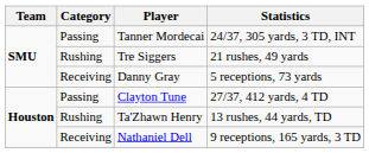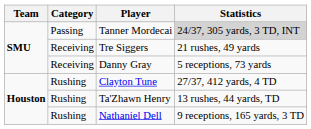 <table class="wikitable" style="float: left;">
 <tr>
 <th>Team</th>
 <th>Category</th>
 <th>Player</th>
 <th>Statistics</th>
 </tr>
 <tr>
 <td rowspan=3><strong>SMU</strong></td>
 <td>Passing</td>
 <td>Tanner Mordecai</td>
-<td>24/37, 305 yards, 3 TD, INT</td>
+<td style="background: lightgrey;">24/37, 305 yards, 3 TD, INT</td>
 </tr>
 <tr>
-<td>Rushing</td>
+<td>Receiving</td>
 <td>Tre Siggers</td>
 <td>21 rushes, 49 yards</td>
 </tr>
 <tr>
 <td>Receiving</td>
 <td>Danny Gray</td>
 <td>5 receptions, 73 yards</td>
 </tr>
 <tr>
 <td rowspan=3><strong>Houston</strong></td>
-<td>Passing</td>
+<td>Rushing</td>
 <td><a href='#'>Clayton Tune</a></td>
 <td>27/37, 412 yards, 4 TD</td>
 </tr>
 <tr>
 <td>Rushing</td>
 <td>Ta'Zhawn Henry</td>
 <td>13 rushes, 44 yards, TD</td>
 </tr>
 <tr>
-<td>Receiving</td>
+<td>Rushing</td>
 <td><a href='#'>Nathaniel Dell</a></td>
 <td>9 receptions, 165 yards, 3 TD</td>
 </tr>
 </table>
